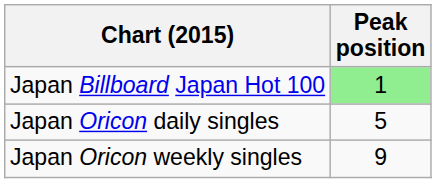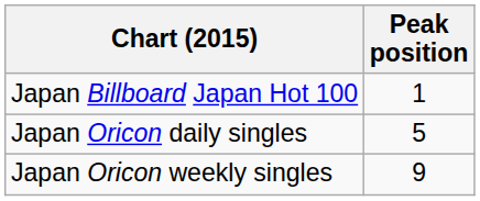 <table class="wikitable sortable">
 <tr>
 <th>Chart (2015)</th>
 <th>Peak<br>position</th>
 </tr>
 <tr>
 <td>Japan <em><a href='#'>Billboard</a></em> <a href='#'>Japan Hot 100</a></td>
-<td style="background: lightgreen; text-align:center;">1</td>
+<td style="text-align:center;">1</td>
 </tr>
 <tr>
 <td>Japan <em><a href='#'>Oricon</a></em> daily singles</td>
 <td align="center">5</td>
 </tr>
 <tr>
 <td>Japan <em>Oricon</em> weekly singles</td>
 <td align="center">9</td>
 </tr>
 </table>
